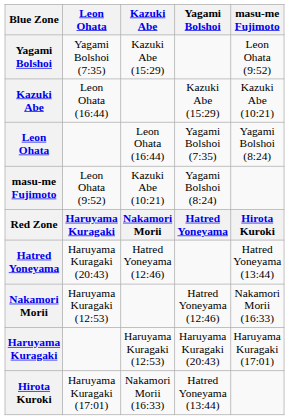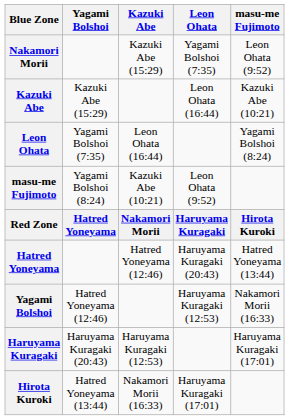 <table class="wikitable" style="text-align:center; margin: 1em auto 1em auto">
 <tr>
 <th>Blue Zone</th>
+<th>Yagami<br><a href='#'>Bolshoi</a></th>
+<th><a href='#'>Kazuki</a><br><a href='#'>Abe</a></th>
 <th><a href='#'>Leon</a><br><a href='#'>Ohata</a></th>
-<th><a href='#'>Kazuki</a><br><a href='#'>Abe</a></th>
-<th>Yagami<br><a href='#'>Bolshoi</a></th>
 <th>masu-me<br><a href='#'>Fujimoto</a></th>
 </tr>
 <tr>
-<th>Yagami<br><a href='#'>Bolshoi</a></th>
+<th><a href='#'>Nakamori</a><br>Morii</th>
+<td></td>
+<td>Kazuki<br>Abe<br>(15:29)</td>
 <td>Yagami<br>Bolshoi<br>(7:35)</td>
-<td>Kazuki<br>Abe<br>(15:29)</td>
-<td></td>
 <td>Leon<br>Ohata<br>(9:52)</td>
 </tr>
 <tr>
 <th><a href='#'>Kazuki</a><br><a href='#'>Abe</a></th>
+<td>Kazuki<br>Abe<br>(15:29)</td>
+<td></td>
 <td>Leon<br>Ohata<br>(16:44)</td>
-<td></td>
-<td>Kazuki<br>Abe<br>(15:29)</td>
 <td>Kazuki<br>Abe<br>(10:21)</td>
 </tr>
 <tr>
 <th><a href='#'>Leon</a><br><a href='#'>Ohata</a></th>
+<td>Yagami<br>Bolshoi<br>(7:35)</td>
+<td>Leon<br>Ohata<br>(16:44)</td>
 <td></td>
-<td>Leon<br>Ohata<br>(16:44)</td>
-<td>Yagami<br>Bolshoi<br>(7:35)</td>
 <td>Yagami<br>Bolshoi<br>(8:24)</td>
 </tr>
 <tr>
 <th>masu-me<br><a href='#'>Fujimoto</a></th>
+<td>Yagami<br>Bolshoi<br>(8:24)</td>
+<td>Kazuki<br>Abe<br>(10:21)</td>
 <td>Leon<br>Ohata<br>(9:52)</td>
-<td>Kazuki<br>Abe<br>(10:21)</td>
-<td>Yagami<br>Bolshoi<br>(8:24)</td>
 <td></td>
 </tr>
 <tr>
 <th>Red Zone</th>
+<th><a href='#'>Hatred</a><br><a href='#'>Yoneyama</a></th>
+<th><a href='#'>Nakamori</a><br>Morii</th>
 <th><a href='#'>Haruyama</a><br><a href='#'>Kuragaki</a></th>
-<th><a href='#'>Nakamori</a><br>Morii</th>
-<th><a href='#'>Hatred</a><br><a href='#'>Yoneyama</a></th>
 <th><a href='#'>Hirota</a><br>Kuroki</th>
 </tr>
 <tr>
 <th><a href='#'>Hatred</a><br><a href='#'>Yoneyama</a></th>
+<td></td>
+<td>Hatred<br>Yoneyama<br>(12:46)</td>
 <td>Haruyama<br>Kuragaki<br>(20:43)</td>
-<td>Hatred<br>Yoneyama<br>(12:46)</td>
-<td></td>
 <td>Hatred<br>Yoneyama<br>(13:44)</td>
 </tr>
 <tr>
-<th><a href='#'>Nakamori</a><br>Morii</th>
+<th>Yagami<br><a href='#'>Bolshoi</a></th>
+<td>Hatred<br>Yoneyama<br>(12:46)</td>
+<td></td>
 <td>Haruyama<br>Kuragaki<br>(12:53)</td>
-<td></td>
-<td>Hatred<br>Yoneyama<br>(12:46)</td>
 <td>Nakamori<br>Morii<br>(16:33)</td>
 </tr>
 <tr>
 <th><a href='#'>Haruyama</a><br><a href='#'>Kuragaki</a></th>
+<td>Haruyama<br>Kuragaki<br>(20:43)</td>
+<td>Haruyama<br>Kuragaki<br>(12:53)</td>
 <td></td>
-<td>Haruyama<br>Kuragaki<br>(12:53)</td>
-<td>Haruyama<br>Kuragaki<br>(20:43)</td>
 <td>Haruyama<br>Kuragaki<br>(17:01)</td>
 </tr>
 <tr>
 <th><a href='#'>Hirota</a><br>Kuroki</th>
+<td>Hatred<br>Yoneyama<br>(13:44)</td>
+<td>Nakamori<br>Morii<br>(16:33)</td>
 <td>Haruyama<br>Kuragaki<br>(17:01)</td>
-<td>Nakamori<br>Morii<br>(16:33)</td>
-<td>Hatred<br>Yoneyama<br>(13:44)</td>
 <td></td>
 </tr>
 </table>
